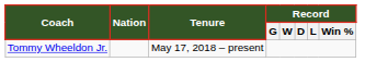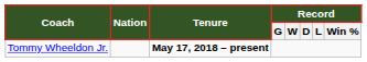 <table class="wikitable" style="text-align:left">
 <tr>
 <th style="background:#335526; color:#fff; border:2px solid #da291d;" scope="col" rowspan="2">Coach</th>
 <th style="background:#335526; color:#fff; border:2px solid #da291d;" scope="col" rowspan="2">Nation</th>
 <th style="background:#335526; color:#fff; border:2px solid #da291d;" scope="col" rowspan="2">Tenure</th>
 <th style="background:#335526; color:#fff; border:2px solid #da291d;" scope="col" colspan="6">Record</th>
 </tr>
 <tr>
 <th>G</th>
 <th>W</th>
 <th>D</th>
 <th>L</th>
 <th>Win %</th>
 </tr>
 <tr>
 <td><a href='#'>Tommy Wheeldon Jr.</a></td>
 <td></td>
-<td>May 17, 2018 – present<br></td>
+<td><strong>May 17, 2018 – present<br></strong></td>
 </tr>
 </table>
